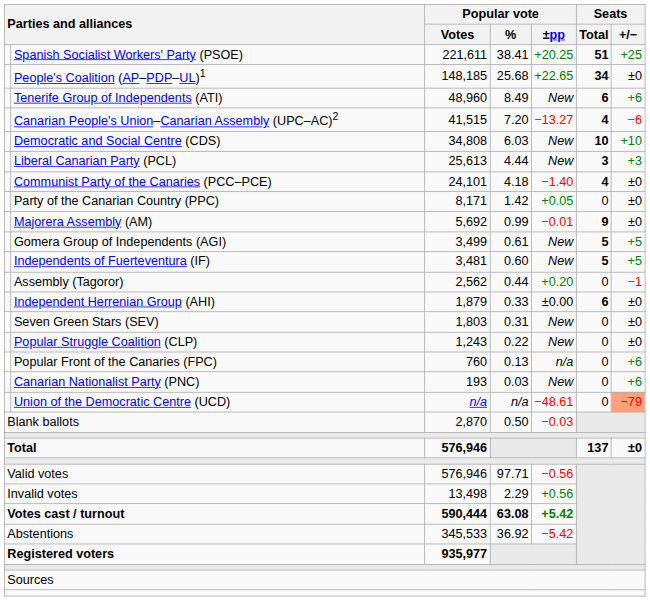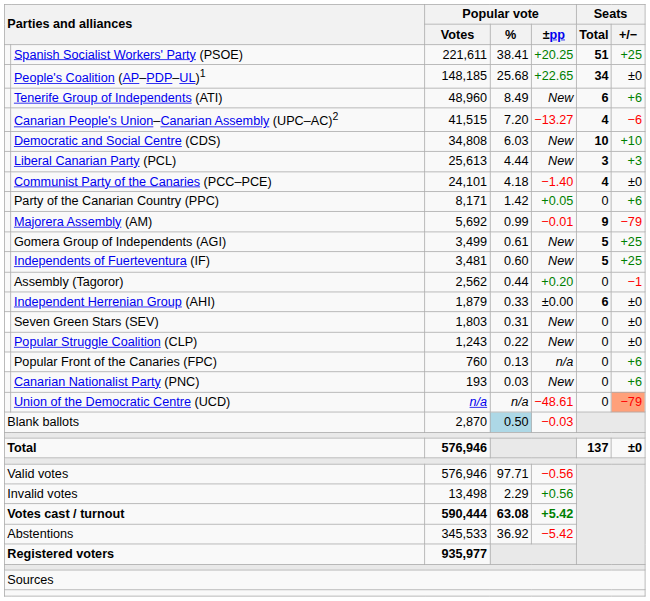 <table class="wikitable" style="text-align:right;">
 <tr>
 <th style="text-align:left;" rowspan="2" colspan="2" width="525">Parties and alliances</th>
 <th colspan="3">Popular vote</th>
 <th colspan="2">Seats</th>
 </tr>
 <tr>
 <th width="75">Votes</th>
 <th width="45">%</th>
 <th width="45">±<a href='#'>pp</a></th>
 <th width="35">Total</th>
 <th width="35">+/−</th>
 </tr>
 <tr>
 <td width="1" style="color:inherit;background:"></td>
 <td align="left"><a href='#'>Spanish Socialist Workers' Party</a> (PSOE)</td>
 <td>221,611</td>
 <td>38.41</td>
 <td style="color:green;">+20.25</td>
 <td><strong>51</strong></td>
 <td style="color:green;">+25</td>
 </tr>
 <tr>
 <td style="color:inherit;background:"></td>
 <td align="left"><a href='#'>People's Coalition</a> (<a href='#'>AP</a>–<a href='#'>PDP</a>–<a href='#'>UL</a>)<sup>1</sup></td>
 <td>148,185</td>
 <td>25.68</td>
 <td style="color:green;">+22.65</td>
 <td><strong>34</strong></td>
 <td>±0</td>
 </tr>
 <tr>
 <td style="color:inherit;background:"></td>
 <td align="left"><a href='#'>Tenerife Group of Independents</a> (ATI)</td>
 <td>48,960</td>
 <td>8.49</td>
 <td><em>New</em></td>
 <td><strong>6</strong></td>
 <td style="color:green;">+6</td>
 </tr>
 <tr>
 <td style="color:inherit;background:"></td>
 <td align="left"><a href='#'>Canarian People's Union</a>–<a href='#'>Canarian Assembly</a> (UPC–AC)<sup>2</sup></td>
 <td>41,515</td>
 <td>7.20</td>
 <td style="color:red;">−13.27</td>
 <td><strong>4</strong></td>
 <td style="color:red;">−6</td>
 </tr>
 <tr>
 <td style="color:inherit;background:"></td>
 <td align="left"><a href='#'>Democratic and Social Centre</a> (CDS)</td>
 <td>34,808</td>
 <td>6.03</td>
 <td><em>New</em></td>
 <td><strong>10</strong></td>
 <td style="color:green;">+10</td>
 </tr>
 <tr>
 <td style="color:inherit;background:"></td>
 <td align="left"><a href='#'>Liberal Canarian Party</a> (PCL)</td>
 <td>25,613</td>
 <td>4.44</td>
 <td><em>New</em></td>
 <td><strong>3</strong></td>
 <td style="color:green;">+3</td>
 </tr>
 <tr>
 <td style="color:inherit;background:"></td>
 <td align="left"><a href='#'>Communist Party of the Canaries</a> (PCC–PCE)</td>
 <td>24,101</td>
 <td>4.18</td>
 <td style="color:red;">−1.40</td>
 <td><strong>4</strong></td>
 <td>±0</td>
 </tr>
 <tr>
 <td style="color:inherit;background:"></td>
 <td align="left">Party of the Canarian Country (PPC)</td>
 <td>8,171</td>
 <td>1.42</td>
 <td style="color:green;">+0.05</td>
 <td>0</td>
-<td>±0</td>
+<td style="color:green;">+6</td>
 </tr>
 <tr>
 <td width="1" style="color:inherit;background:"></td>
 <td align="left"><a href='#'>Majorera Assembly</a> (AM)</td>
 <td>5,692</td>
 <td>0.99</td>
 <td style="color:red;">−0.01</td>
 <td><strong>9</strong></td>
-<td>±0</td>
+<td style="color:red;">−79</td>
 </tr>
 <tr>
 <td style="color:inherit;background:"></td>
 <td align="left">Gomera Group of Independents (AGI)</td>
 <td>3,499</td>
 <td>0.61</td>
 <td><em>New</em></td>
 <td><strong>5</strong></td>
-<td style="color:green;">+5</td>
+<td style="color:green;">+25</td>
 </tr>
 <tr>
 <td style="color:inherit;background:"></td>
 <td align="left"><a href='#'>Independents of Fuerteventura</a> (IF)</td>
 <td>3,481</td>
 <td>0.60</td>
 <td><em>New</em></td>
 <td><strong>5</strong></td>
-<td style="color:green;">+5</td>
+<td style="color:green;">+25</td>
 </tr>
 <tr>
 <td style="color:inherit;background:"></td>
 <td align="left">Assembly (Tagoror)</td>
 <td>2,562</td>
 <td>0.44</td>
 <td style="color:green;">+0.20</td>
 <td>0</td>
 <td style="color:red;">−1</td>
 </tr>
 <tr>
 <td style="color:inherit;background:"></td>
 <td align="left"><a href='#'>Independent Herrenian Group</a> (AHI)</td>
 <td>1,879</td>
 <td>0.33</td>
 <td>±0.00</td>
 <td><strong>6</strong></td>
 <td>±0</td>
 </tr>
 <tr>
 <td bgcolor="white"></td>
 <td align="left">Seven Green Stars (SEV)</td>
 <td>1,803</td>
 <td>0.31</td>
 <td><em>New</em></td>
 <td>0</td>
 <td>±0</td>
 </tr>
 <tr>
 <td style="color:inherit;background:"></td>
 <td align="left"><a href='#'>Popular Struggle Coalition</a> (CLP)</td>
 <td>1,243</td>
 <td>0.22</td>
 <td><em>New</em></td>
 <td>0</td>
 <td>±0</td>
 </tr>
 <tr>
 <td bgcolor="white"></td>
 <td align="left">Popular Front of the Canaries (FPC)</td>
 <td>760</td>
 <td>0.13</td>
 <td><em>n/a</em></td>
 <td>0</td>
 <td style="color:green;">+6</td>
 </tr>
 <tr>
 <td style="color:inherit;background:"></td>
 <td align="left"><a href='#'>Canarian Nationalist Party</a> (PNC)</td>
 <td>193</td>
 <td>0.03</td>
 <td><em>New</em></td>
 <td>0</td>
 <td style="color:green;">+6</td>
 </tr>
 <tr>
 <td style="color:inherit;background:"></td>
 <td align="left"><a href='#'>Union of the Democratic Centre</a> (UCD)</td>
 <td><em><a href='#'>n/a</a></em></td>
 <td><em>n/a</em></td>
 <td style="color:red;">−48.61</td>
 <td>0</td>
 <td style="background: lightsalmon; color:red;">−79</td>
 </tr>
 <tr>
 <td align="left" colspan="2">Blank ballots</td>
 <td>2,870</td>
-<td>0.50</td>
+<td style="background: lightblue;">0.50</td>
 <td style="color:red;">−0.03</td>
 <td bgcolor="#E9E9E9" colspan="2"></td>
 </tr>
 <tr>
 <td colspan="7" bgcolor="#E9E9E9"></td>
 </tr>
 <tr style="font-weight:bold;">
 <td align="left" colspan="2">Total</td>
 <td>576,946</td>
 <td bgcolor="#E9E9E9" colspan="2"></td>
 <td>137</td>
 <td>±0</td>
 </tr>
 <tr>
 <td colspan="7" bgcolor="#E9E9E9"></td>
 </tr>
 <tr>
 <td align="left" colspan="2">Valid votes</td>
 <td>576,946</td>
 <td>97.71</td>
 <td style="color:red;">−0.56</td>
 <td bgcolor="#E9E9E9" colspan="2" rowspan="5"></td>
 </tr>
 <tr>
 <td align="left" colspan="2">Invalid votes</td>
 <td>13,498</td>
 <td>2.29</td>
 <td style="color:green;">+0.56</td>
 </tr>
 <tr style="font-weight:bold;">
 <td align="left" colspan="2">Votes cast / turnout</td>
 <td>590,444</td>
 <td>63.08</td>
 <td style="color:green;">+5.42</td>
 </tr>
 <tr>
 <td align="left" colspan="2">Abstentions</td>
 <td>345,533</td>
 <td>36.92</td>
 <td style="color:red;">−5.42</td>
 </tr>
 <tr style="font-weight:bold;">
 <td align="left" colspan="2">Registered voters</td>
 <td>935,977</td>
 <td bgcolor="#E9E9E9" colspan="2"></td>
 </tr>
 <tr>
 <td colspan="7" bgcolor="#E9E9E9"></td>
 </tr>
 <tr>
 <td align="left" colspan="7">Sources</td>
 </tr>
 <tr>
 <td colspan="7" style="text-align:left; max-width:790px;"></td>
 </tr>
 </table>
